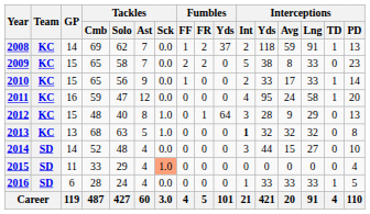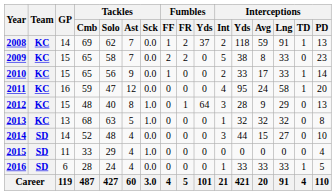 <table class="wikitable" style="text-align: center;">
 <tr>
 <th rowspan="2">Year</th>
 <th rowspan="2">Team</th>
 <th rowspan="2">GP</th>
 <th colspan="4">Tackles</th>
 <th colspan="3">Fumbles</th>
 <th colspan="6">Interceptions</th>
 </tr>
 <tr>
 <th>Cmb</th>
 <th>Solo</th>
 <th>Ast</th>
 <th>Sck</th>
 <th>FF</th>
 <th>FR</th>
 <th>Yds</th>
 <th>Int</th>
 <th>Yds</th>
 <th>Avg</th>
 <th>Lng</th>
 <th>TD</th>
 <th>PD</th>
 </tr>
 <tr>
 <th><a href='#'>2008</a></th>
 <th><a href='#'>KC</a></th>
 <td>14</td>
 <td>69</td>
 <td>62</td>
 <td>7</td>
 <td>0.0</td>
 <td>1</td>
 <td>2</td>
 <td>37</td>
 <td>2</td>
 <td>118</td>
 <td>59</td>
 <td>91</td>
 <td>1</td>
 <td>13</td>
 </tr>
 <tr>
 <th><a href='#'>2009</a></th>
 <th><a href='#'>KC</a></th>
 <td>15</td>
 <td>65</td>
 <td>58</td>
 <td>7</td>
 <td>0.0</td>
 <td>2</td>
 <td>2</td>
 <td>0</td>
 <td>5</td>
 <td>38</td>
 <td>8</td>
 <td>33</td>
 <td>0</td>
 <td>23</td>
 </tr>
 <tr>
 <th><a href='#'>2010</a></th>
 <th><a href='#'>KC</a></th>
 <td>15</td>
 <td>65</td>
 <td>56</td>
 <td>9</td>
 <td>0.0</td>
 <td>1</td>
 <td>0</td>
 <td>0</td>
 <td>2</td>
 <td>33</td>
 <td>17</td>
 <td>33</td>
 <td>1</td>
 <td>14</td>
 </tr>
 <tr>
 <th><a href='#'>2011</a></th>
 <th><a href='#'>KC</a></th>
 <td>16</td>
 <td>59</td>
 <td>47</td>
 <td>12</td>
 <td>0.0</td>
 <td>0</td>
 <td>0</td>
 <td>0</td>
 <td>4</td>
 <td>95</td>
 <td>24</td>
 <td>58</td>
 <td>1</td>
 <td>20</td>
 </tr>
 <tr>
 <th><a href='#'>2012</a></th>
 <th><a href='#'>KC</a></th>
 <td>15</td>
 <td>48</td>
 <td>40</td>
 <td>8</td>
 <td>1.0</td>
 <td>0</td>
 <td>1</td>
 <td>64</td>
 <td>3</td>
 <td>28</td>
 <td>9</td>
 <td>29</td>
 <td>0</td>
 <td>13</td>
 </tr>
 <tr>
 <th><a href='#'>2013</a></th>
 <th><a href='#'>KC</a></th>
 <td>13</td>
 <td>68</td>
 <td>63</td>
 <td>5</td>
 <td>1.0</td>
 <td>0</td>
 <td>0</td>
 <td>0</td>
-<td><strong>1</strong></td>
+<td>1</td>
 <td>32</td>
 <td>32</td>
 <td>32</td>
 <td>0</td>
 <td>8</td>
 </tr>
 <tr>
 <th><a href='#'>2014</a></th>
 <th><a href='#'>SD</a></th>
 <td>14</td>
 <td>52</td>
 <td>48</td>
 <td>4</td>
 <td>0.0</td>
 <td>0</td>
 <td>0</td>
 <td>0</td>
 <td>3</td>
 <td>44</td>
 <td>15</td>
 <td>27</td>
 <td>0</td>
 <td>10</td>
 </tr>
 <tr>
 <th><a href='#'>2015</a></th>
 <th><a href='#'>SD</a></th>
 <td>11</td>
 <td>33</td>
 <td>29</td>
 <td>4</td>
-<td style="background: lightsalmon;">1.0</td>
+<td>1.0</td>
 <td>0</td>
 <td>0</td>
 <td>0</td>
 <td>0</td>
 <td>0</td>
 <td>0</td>
 <td>0</td>
 <td>0</td>
 <td>4</td>
 </tr>
 <tr>
 <th><a href='#'>2016</a></th>
 <th><a href='#'>SD</a></th>
 <td>6</td>
 <td>28</td>
 <td>24</td>
 <td>4</td>
 <td>0.0</td>
 <td>0</td>
 <td>0</td>
 <td>0</td>
 <td>1</td>
 <td>33</td>
 <td>33</td>
 <td>33</td>
 <td>1</td>
 <td>5</td>
 </tr>
 <tr>
 <th colspan="2">Career</th>
 <th>119</th>
 <th>487</th>
 <th>427</th>
 <th>60</th>
 <th>3.0</th>
 <th>4</th>
 <th>5</th>
 <th>101</th>
 <th>21</th>
 <th>421</th>
 <th>20</th>
 <th>91</th>
 <th>4</th>
 <th>110</th>
 </tr>
 </table>
